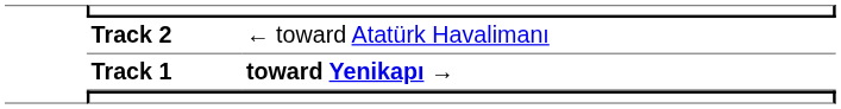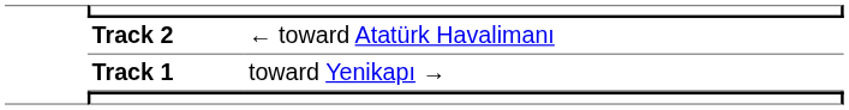 <table cellspacing=0 cellpadding=3>
 <tr>
 <td style="border-top:solid 1px gray;border-bottom:solid 1px gray;vertical-align:top;" width=50 rowspan=4></td>
 <td style="border-top:solid 1px gray;border-right:solid 2px black;border-left:solid 2px black;border-bottom:solid 2px black;text-align:center;" colspan=2></td>
 </tr>
 <tr>
 <td style="border-bottom:solid 1px gray;" width=100><strong>Track 2</strong></td>
 <td style="border-bottom:solid 1px gray;" width=400>←  toward <a href='#'>Atatürk Havalimanı</a></td>
 </tr>
 <tr>
 <td style="border-bottom:solid 1px gray;"><strong>Track 1</strong></td>
-<td style="border-bottom:solid 1px gray;"><strong> toward <a href='#'>Yenikapı</a> →</strong></td>
+<td style="border-bottom:solid 1px gray;"> toward <a href='#'>Yenikapı</a> →</td>
 </tr>
 <tr>
 <td style="border-bottom:solid 1px gray;border-top:solid 2px black;border-right:solid 2px black;border-left:solid 2px black;text-align:center;" colspan=2></td>
 </tr>
 </table>
